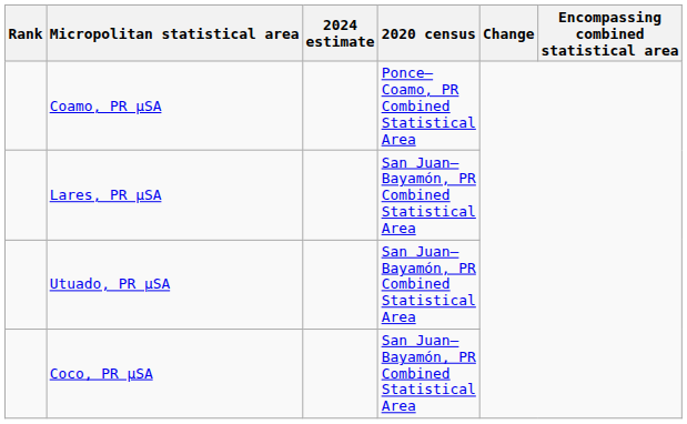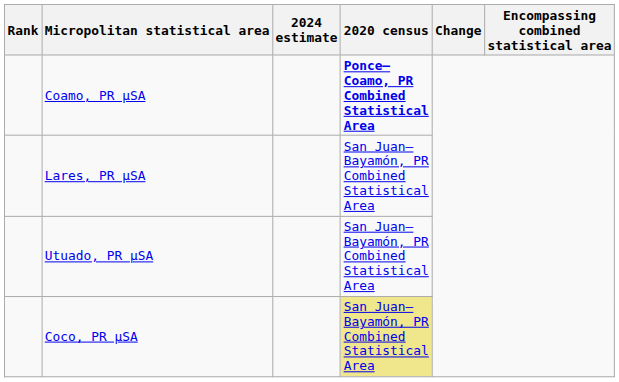 <table class="wikitable sortable">
 <tr>
 <th>Rank</th>
 <th>Micropolitan statistical area</th>
 <th>2024 estimate</th>
 <th>2020 census</th>
 <th>Change</th>
 <th>Encompassing combined statistical area</th>
 </tr>
 <tr>
 <td align=center></td>
 <td><a href='#'>Coamo, PR μSA</a></td>
 <td></td>
-<td><a href='#'>Ponce–Coamo, PR Combined Statistical Area</a></td>
+<td><strong><a href='#'>Ponce–Coamo, PR Combined Statistical Area</a></strong></td>
 </tr>
 <tr>
 <td align=center></td>
 <td><a href='#'>Lares, PR μSA</a></td>
 <td></td>
 <td><a href='#'>San Juan–Bayamón, PR Combined Statistical Area</a></td>
 </tr>
 <tr>
 <td align=center></td>
 <td><a href='#'>Utuado, PR μSA</a></td>
 <td></td>
 <td><a href='#'>San Juan–Bayamón, PR Combined Statistical Area</a></td>
 </tr>
 <tr>
 <td align=center></td>
 <td><a href='#'>Coco, PR μSA</a></td>
 <td></td>
-<td><a href='#'>San Juan–Bayamón, PR Combined Statistical Area</a></td>
+<td style="background: khaki;"><a href='#'>San Juan–Bayamón, PR Combined Statistical Area</a></td>
 </tr>
 </table>
